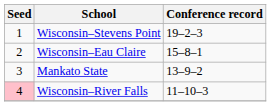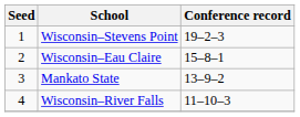 <table class="wikitable">
 <tr>
 <th>Seed</th>
 <th>School</th>
 <th>Conference record</th>
 </tr>
 <tr>
 <td align=center>1</td>
 <td><a href='#'>Wisconsin–Stevens Point</a></td>
 <td>19–2–3</td>
 </tr>
 <tr>
 <td align=center>2</td>
 <td><a href='#'>Wisconsin–Eau Claire</a></td>
 <td>15–8–1</td>
 </tr>
 <tr>
 <td align=center>3</td>
 <td><a href='#'>Mankato State</a></td>
 <td>13–9–2</td>
 </tr>
 <tr>
-<td align=center style="background: pink;">4</td>
+<td align=center>4</td>
 <td><a href='#'>Wisconsin–River Falls</a></td>
 <td>11–10–3</td>
 </tr>
 <tr>
 </tr>
 </table>
